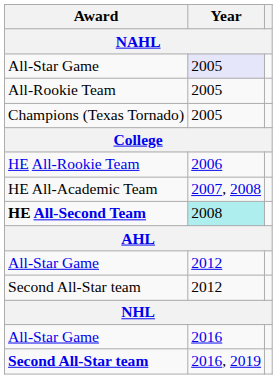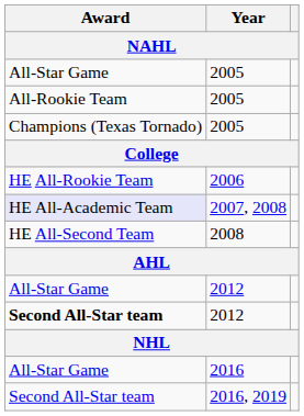 <table class="wikitable">
 <tr>
 <th>Award</th>
 <th>Year</th>
 <th></th>
 </tr>
 <tr ALIGN="center" bgcolor="#e0e0e0">
 <th colspan="3"><a href='#'>NAHL</a></th>
 </tr>
 <tr>
 <td>All-Star Game</td>
-<td style="background: lavender;">2005</td>
+<td>2005</td>
 <td></td>
 </tr>
 <tr>
 <td>All-Rookie Team</td>
 <td>2005</td>
 <td></td>
 </tr>
 <tr>
 <td>Champions (Texas Tornado)</td>
 <td>2005</td>
 <td></td>
 </tr>
 <tr ALIGN="center" bgcolor="#e0e0e0">
 <th colspan="3"><a href='#'>College</a></th>
 </tr>
 <tr>
 <td><a href='#'>HE</a> <a href='#'>All-Rookie Team</a></td>
 <td><a href='#'>2006</a></td>
 <td></td>
 </tr>
 <tr>
-<td>HE All-Academic Team</td>
+<td style="background: lavender;">HE All-Academic Team</td>
 <td><a href='#'>2007</a>, <a href='#'>2008</a></td>
 <td></td>
 </tr>
 <tr>
-<td><strong>HE <a href='#'>All-Second Team</a></strong></td>
-<td style="background: paleturquoise;">2008</td>
+<td>HE <a href='#'>All-Second Team</a></td>
+<td>2008</td>
 <td></td>
 </tr>
 <tr ALIGN="center" bgcolor="#e0e0e0">
 <th colspan="3"><a href='#'>AHL</a></th>
 </tr>
 <tr>
 <td><a href='#'>All-Star Game</a></td>
 <td><a href='#'>2012</a></td>
 <td></td>
 </tr>
 <tr>
-<td>Second All-Star team</td>
+<td><strong>Second All-Star team</strong></td>
 <td>2012</td>
 <td></td>
 </tr>
 <tr ALIGN="center" bgcolor="#e0e0e0">
 <th colspan="3"><a href='#'>NHL</a></th>
 </tr>
 <tr>
 <td><a href='#'>All-Star Game</a></td>
 <td><a href='#'>2016</a></td>
 <td></td>
 </tr>
 <tr>
-<td><strong><a href='#'>Second All-Star team</a></strong></td>
+<td><a href='#'>Second All-Star team</a></td>
 <td><a href='#'>2016</a>, <a href='#'>2019</a></td>
 <td></td>
 </tr>
 </table>
